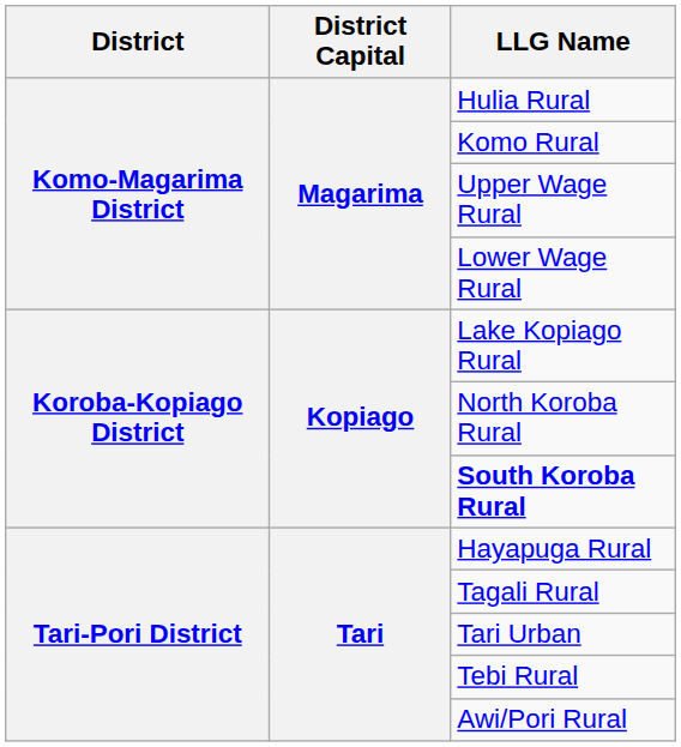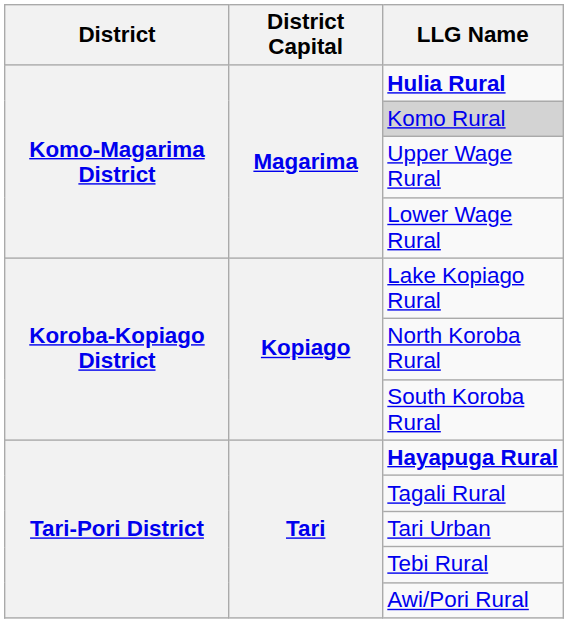 <table class="wikitable" style="text-align: left;" width="400">
 <tr>
 <th>District</th>
 <th>District Capital</th>
 <th>LLG Name</th>
 </tr>
 <tr>
 <th rowspan="4"><a href='#'>Komo-Magarima District</a></th>
 <th rowspan="4"><a href='#'>Magarima</a></th>
-<td><a href='#'>Hulia Rural</a></td>
+<td><strong><a href='#'>Hulia Rural</a></strong></td>
 </tr>
 <tr>
-<td><a href='#'>Komo Rural</a></td>
+<td style="background: lightgrey;"><a href='#'>Komo Rural</a></td>
 </tr>
 <tr>
 <td><a href='#'>Upper Wage Rural</a></td>
 </tr>
 <tr>
 <td><a href='#'>Lower Wage Rural</a></td>
 </tr>
 <tr>
 <th rowspan="3"><a href='#'>Koroba-Kopiago District</a></th>
 <th rowspan="3"><a href='#'>Kopiago</a></th>
 <td><a href='#'>Lake Kopiago Rural</a></td>
 </tr>
 <tr>
 <td><a href='#'>North Koroba Rural</a></td>
 </tr>
 <tr>
-<td><strong><a href='#'>South Koroba Rural</a></strong></td>
+<td><a href='#'>South Koroba Rural</a></td>
 </tr>
 <tr>
 <th rowspan="5"><a href='#'>Tari-Pori District</a></th>
 <th rowspan="5"><a href='#'>Tari</a></th>
-<td><a href='#'>Hayapuga Rural</a></td>
+<td><strong><a href='#'>Hayapuga Rural</a></strong></td>
 </tr>
 <tr>
 <td><a href='#'>Tagali Rural</a></td>
 </tr>
 <tr>
 <td><a href='#'>Tari Urban</a></td>
 </tr>
 <tr>
 <td><a href='#'>Tebi Rural</a></td>
 </tr>
 <tr>
 <td><a href='#'>Awi/Pori Rural</a></td>
 </tr>
 </table>
